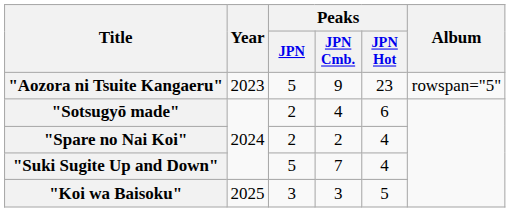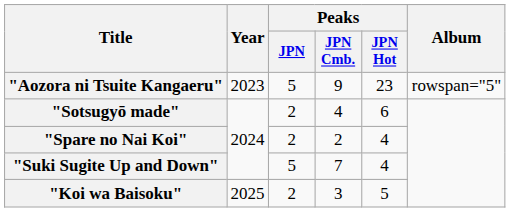 <table class="wikitable plainrowheaders" style="text-align:center">
 <tr>
 <th scope="col" rowspan="2">Title</th>
 <th scope="col" rowspan="2">Year</th>
 <th scope="col" colspan="3">Peaks</th>
 <th scope="col" rowspan="2">Album</th>
 </tr>
 <tr>
 <th scope="col" style="width:2.75em;font-size:85%"><a href='#'>JPN</a><br></th>
 <th scope="col" style="width:2.75em;font-size:85%"><a href='#'>JPN<br>Cmb.</a><br></th>
 <th scope="col" style="width:2.75em;font-size:85%"><a href='#'>JPN<br>Hot</a><br></th>
 </tr>
 <tr>
 <th scope="row">"Aozora ni Tsuite Kangaeru"</th>
 <td>2023</td>
 <td>5</td>
 <td>9</td>
 <td>23</td>
 <td>rowspan="5" </td>
 </tr>
 <tr>
 <th scope="row">"Sotsugyō made"</th>
 <td rowspan="3">2024</td>
 <td>2</td>
 <td>4</td>
 <td>6</td>
 </tr>
 <tr>
 <th scope="row">"Spare no Nai Koi"</th>
 <td>2</td>
 <td>2</td>
 <td>4</td>
 </tr>
 <tr>
 <th scope="row">"Suki Sugite Up and Down"</th>
 <td>5</td>
 <td>7</td>
 <td>4</td>
 </tr>
 <tr>
 <th scope="row">"Koi wa Baisoku"</th>
 <td>2025</td>
-<td>3</td>
+<td>2</td>
 <td>3</td>
 <td>5</td>
 </tr>
 </table>
